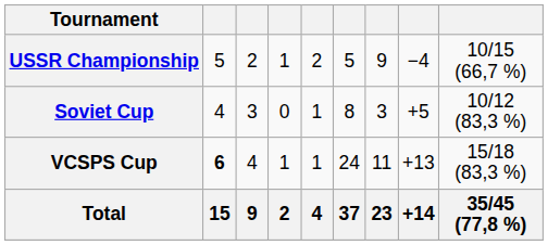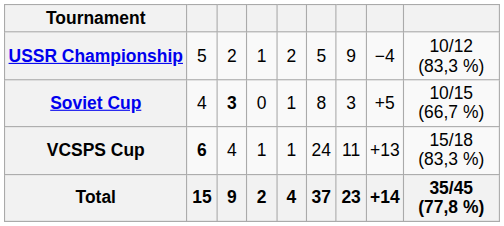 <table class="wikitable sortable plainrowheaders" style="text-align:center">
 <tr>
 <th width=160px>Tournament</th>
 <th width=20px></th>
 <th width=20px></th>
 <th width=20px></th>
 <th width=20px></th>
 <th width=20px></th>
 <th width=20px></th>
 <th width=20px></th>
 <th width=80px></th>
 </tr>
 <tr>
 <th scope=row><a href='#'>USSR Championship</a></th>
 <td>5</td>
 <td>2</td>
 <td>1</td>
 <td>2</td>
 <td>5</td>
 <td>9</td>
 <td>−4</td>
-<td>10/15 (66,7 %)</td>
+<td>10/12 (83,3 %)</td>
 </tr>
 <tr>
 <th scope=row><a href='#'>Soviet Cup</a></th>
 <td>4</td>
-<td>3</td>
+<td><strong>3</strong></td>
 <td>0</td>
 <td>1</td>
 <td>8</td>
 <td>3</td>
 <td>+5</td>
-<td>10/12 (83,3 %)</td>
+<td>10/15 (66,7 %)</td>
 </tr>
 <tr>
 <th scope=row>VCSPS Cup</th>
 <td><strong>6</strong></td>
 <td>4</td>
 <td>1</td>
 <td>1</td>
 <td>24</td>
 <td>11</td>
 <td>+13</td>
 <td>15/18 (83,3 %)</td>
 </tr>
 <tr class="sortbottom">
 <th>Total</th>
 <th>15</th>
 <th>9</th>
 <th>2</th>
 <th>4</th>
 <th>37</th>
 <th>23</th>
 <th>+14</th>
 <th>35/45 (77,8 %)</th>
 </tr>
 <tr>
 </tr>
 </table>
